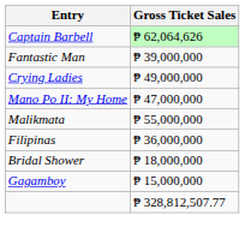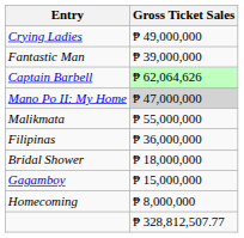 <table class="wikitable" style="text align: center">
 <tr bgcolor="#efefef">
 <th>Entry</th>
 <th>Gross Ticket Sales</th>
 </tr>
 <tr>
-<td><em><a href='#'>Captain Barbell</a></em></td>
-<td style="background:#BFFFC0;">₱ 62,064,626</td>
+<td><em><a href='#'>Crying Ladies</a></em></td>
+<td>₱ 49,000,000</td>
 </tr>
 <tr>
 <td><em>Fantastic Man</em></td>
 <td>₱ 39,000,000</td>
 </tr>
 <tr>
-<td><em><a href='#'>Crying Ladies</a></em></td>
-<td>₱ 49,000,000</td>
+<td><em><a href='#'>Captain Barbell</a></em></td>
+<td style="background:#BFFFC0;">₱ 62,064,626</td>
 </tr>
 <tr>
 <td><em><a href='#'>Mano Po II: My Home</a></em></td>
-<td>₱ 47,000,000</td>
+<td style="background: lightgrey;">₱ 47,000,000</td>
 </tr>
 <tr>
 <td><em>Malikmata</em></td>
 <td>₱ 55,000,000</td>
 </tr>
 <tr>
 <td><em>Filipinas</em></td>
 <td>₱ 36,000,000</td>
 </tr>
 <tr>
 <td><em>Bridal Shower</em></td>
 <td>₱ 18,000,000</td>
 </tr>
 <tr>
 <td><em><a href='#'>Gagamboy</a></em></td>
 <td>₱ 15,000,000</td>
 </tr>
 <tr>
+<td><em>Homecoming</em></td>
+<td>₱ 8,000,000</td>
+</tr>
+<tr>
 <td><strong></strong></td>
 <td>₱ 328,812,507.77</td>
 </tr>
 </table>
